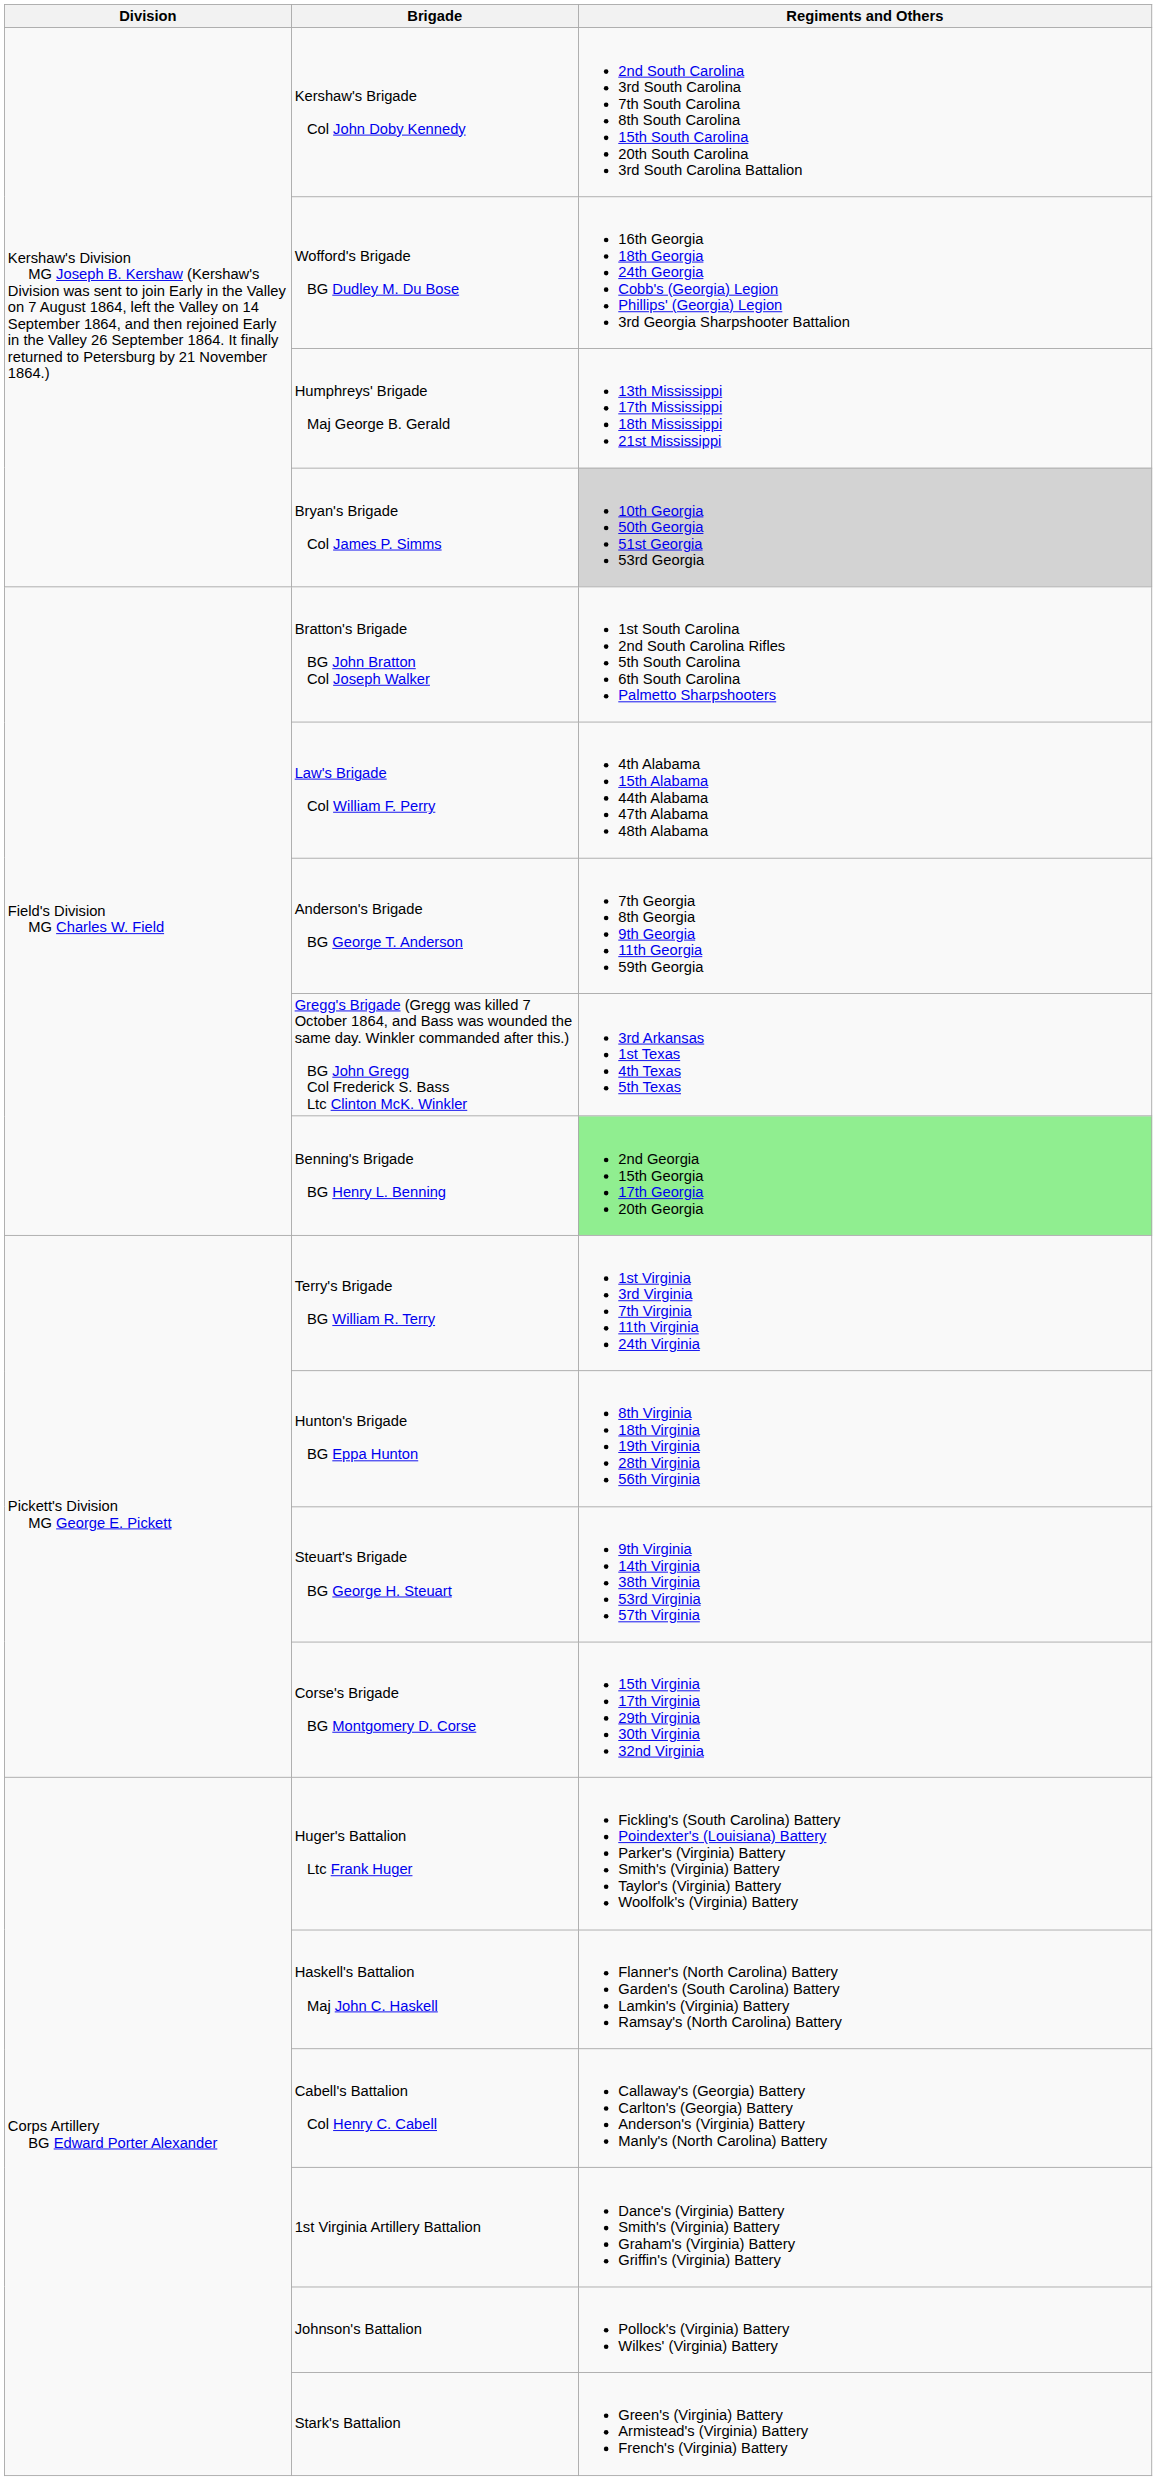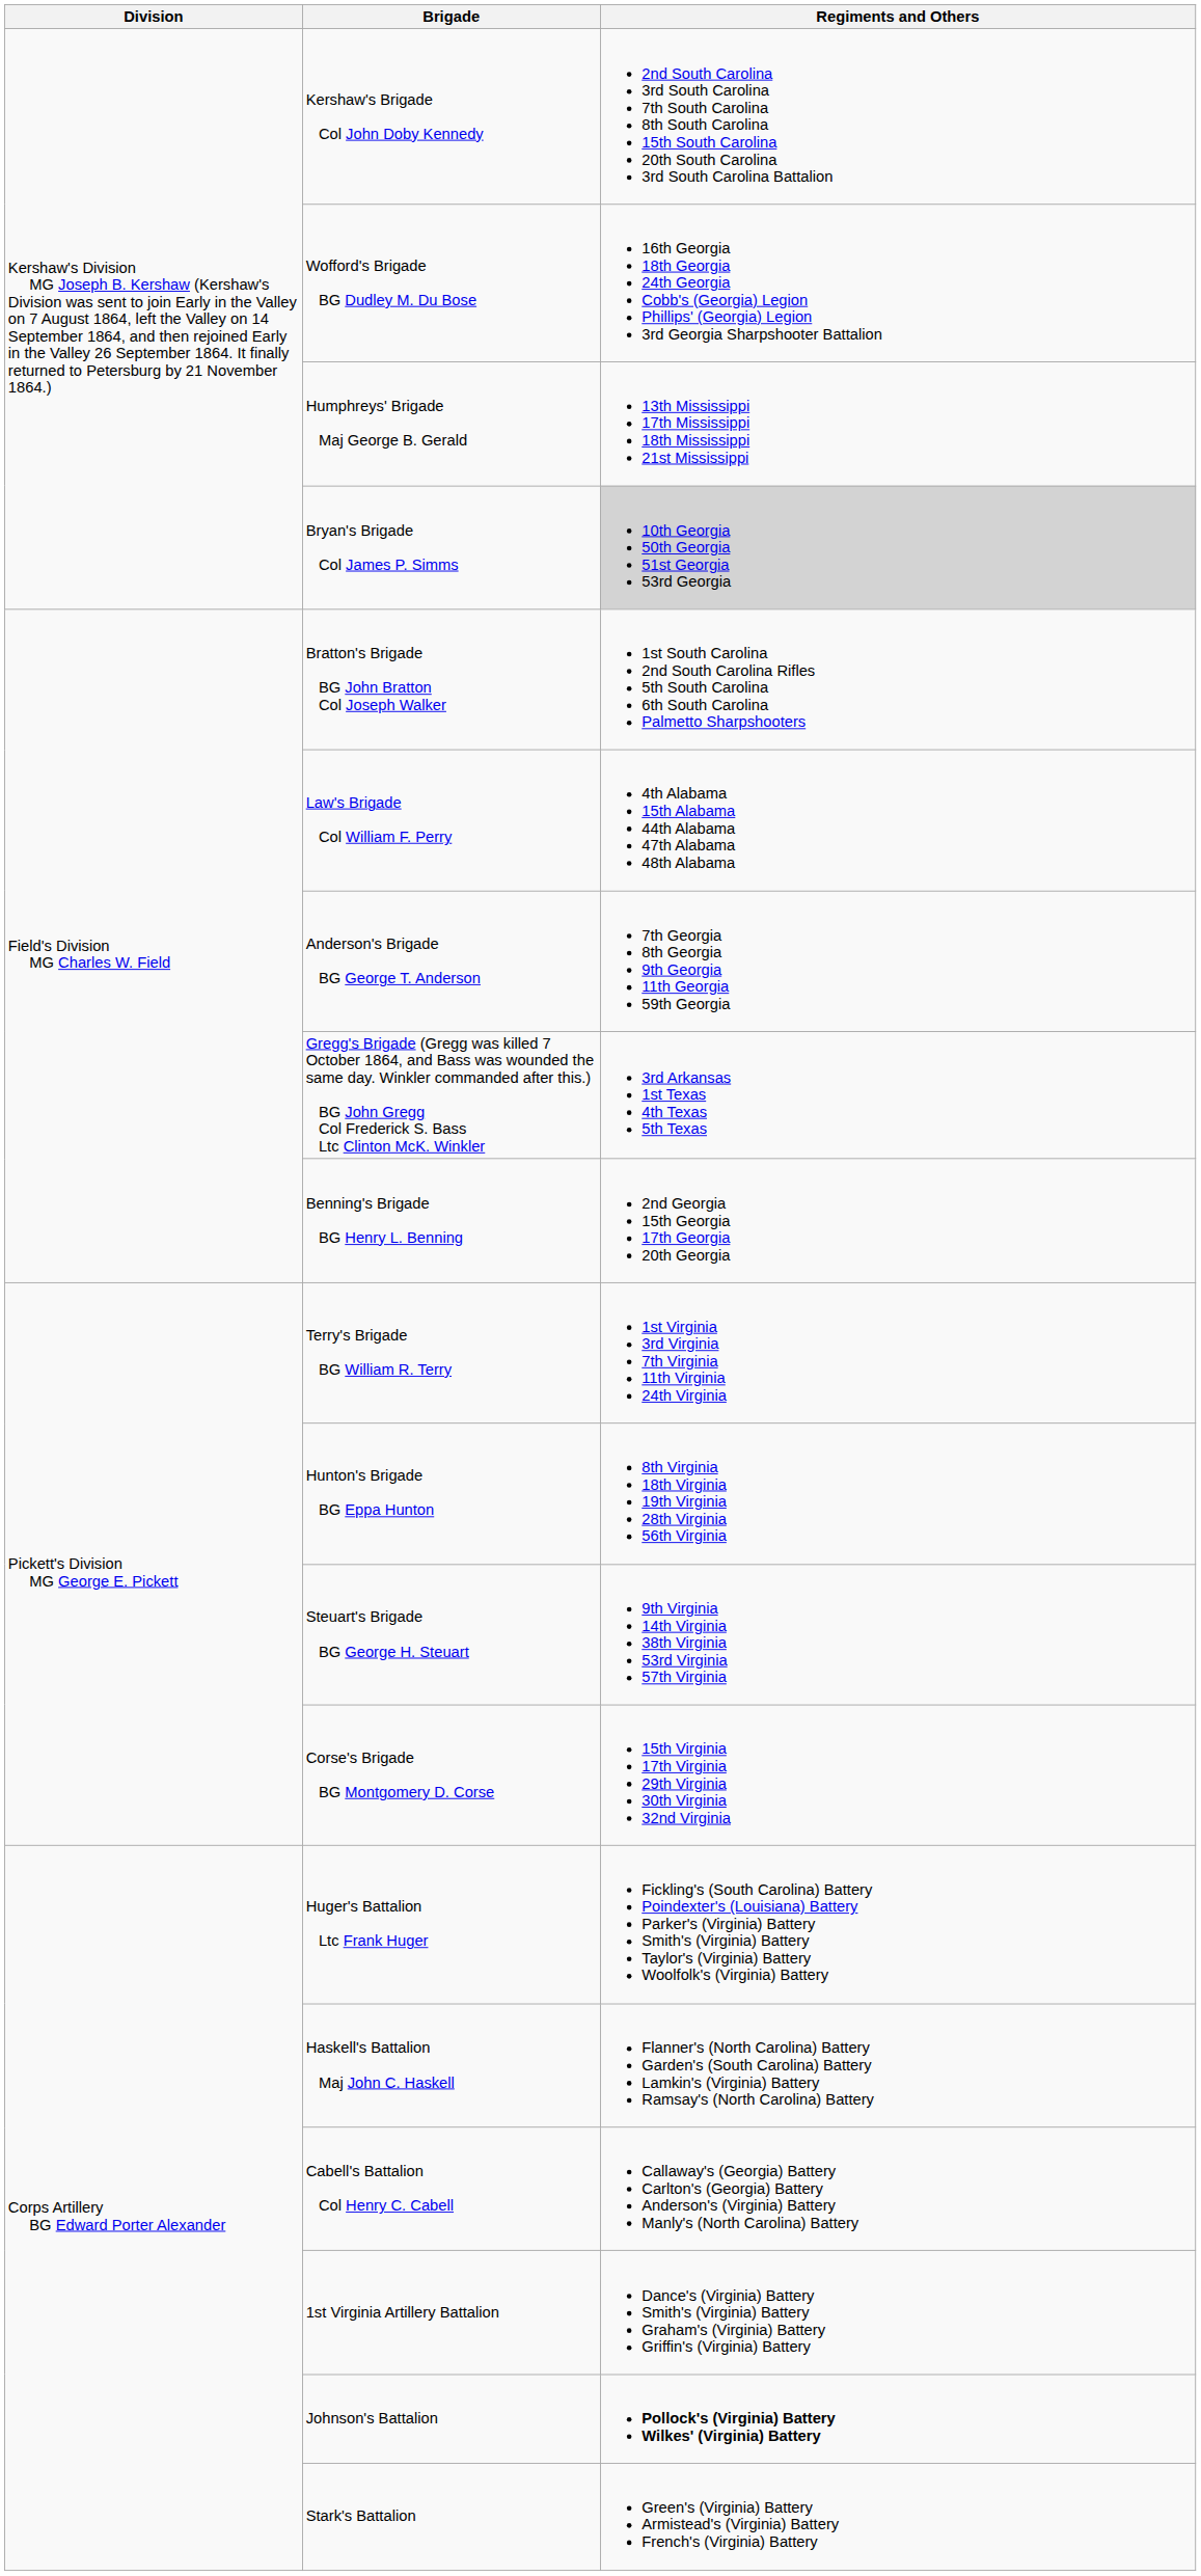 <table class="wikitable">
 <tr>
 <th width=25%>Division</th>
 <th width=25%>Brigade</th>
 <th>Regiments and Others</th>
 </tr>
 <tr>
 <td rowspan=4><br>Kershaw's Division <br>     MG <a href='#'>Joseph B. Kershaw</a> (Kershaw's Division was sent to join Early in the Valley on 7 August 1864, left the Valley on 14 September 1864, and then rejoined Early in the Valley 26 September 1864. It finally returned to Petersburg by 21 November 1864.)</td>
 <td>Kershaw's Brigade<br><br>   Col <a href='#'>John Doby Kennedy</a></td>
 <td><br><ul><li><a href='#'>2nd South Carolina</a></li><li>3rd South Carolina</li><li>7th South Carolina</li><li>8th South Carolina</li><li><a href='#'>15th South Carolina</a></li><li>20th South Carolina</li><li>3rd South Carolina Battalion</li></ul></td>
 </tr>
 <tr>
 <td>Wofford's Brigade<br><br>   BG <a href='#'>Dudley M. Du Bose</a></td>
 <td><br><ul><li>16th Georgia</li><li><a href='#'>18th Georgia</a></li><li><a href='#'>24th Georgia</a></li><li><a href='#'>Cobb's (Georgia) Legion</a></li><li><a href='#'>Phillips' (Georgia) Legion</a></li><li>3rd Georgia Sharpshooter Battalion</li></ul></td>
 </tr>
 <tr>
 <td>Humphreys' Brigade<br><br>   Maj George B. Gerald</td>
 <td><br><ul><li><a href='#'>13th Mississippi</a></li><li><a href='#'>17th Mississippi</a></li><li><a href='#'>18th Mississippi</a></li><li><a href='#'>21st Mississippi</a></li></ul></td>
 </tr>
 <tr>
 <td>Bryan's Brigade<br><br>   Col <a href='#'>James P. Simms</a></td>
 <td style="background: lightgrey;"><br><ul><li><a href='#'>10th Georgia</a></li><li><a href='#'>50th Georgia</a></li><li><a href='#'>51st Georgia</a></li><li>53rd Georgia</li></ul></td>
 </tr>
 <tr>
 <td rowspan=5><br>Field's Division <br>     MG <a href='#'>Charles W. Field</a></td>
 <td>Bratton's Brigade<br><br>   BG <a href='#'>John Bratton</a> <br>   Col <a href='#'>Joseph Walker</a></td>
 <td><br><ul><li>1st South Carolina</li><li>2nd South Carolina Rifles</li><li>5th South Carolina</li><li>6th South Carolina</li><li><a href='#'>Palmetto Sharpshooters</a></li></ul></td>
 </tr>
 <tr>
 <td><a href='#'>Law's Brigade</a><br><br>   Col <a href='#'>William F. Perry</a></td>
 <td><br><ul><li>4th Alabama</li><li><a href='#'>15th Alabama</a></li><li>44th Alabama</li><li>47th Alabama</li><li>48th Alabama</li></ul></td>
 </tr>
 <tr>
 <td>Anderson's Brigade<br><br>   BG <a href='#'>George T. Anderson</a></td>
 <td><br><ul><li>7th Georgia</li><li>8th Georgia</li><li><a href='#'>9th Georgia</a></li><li><a href='#'>11th Georgia</a></li><li>59th Georgia</li></ul></td>
 </tr>
 <tr>
 <td><a href='#'>Gregg's Brigade</a> (Gregg was killed 7 October 1864, and Bass was wounded the same day. Winkler commanded after this.)<br><br>   BG <a href='#'>John Gregg</a> <br>   Col Frederick S. Bass <br>   Ltc <a href='#'>Clinton McK. Winkler</a></td>
 <td><br><ul><li><a href='#'>3rd Arkansas</a></li><li><a href='#'>1st Texas</a></li><li><a href='#'>4th Texas</a></li><li><a href='#'>5th Texas</a></li></ul></td>
 </tr>
 <tr>
 <td>Benning's Brigade<br><br>   BG <a href='#'>Henry L. Benning</a></td>
-<td style="background: lightgreen;"><br><ul><li>2nd Georgia</li><li>15th Georgia</li><li><a href='#'>17th Georgia</a></li><li>20th Georgia</li></ul></td>
+<td><br><ul><li>2nd Georgia</li><li>15th Georgia</li><li><a href='#'>17th Georgia</a></li><li>20th Georgia</li></ul></td>
 </tr>
 <tr>
 <td rowspan=4><br>Pickett's Division <br>     MG <a href='#'>George E. Pickett</a></td>
 <td>Terry's Brigade<br><br>   BG <a href='#'>William R. Terry</a></td>
 <td><br><ul><li><a href='#'>1st Virginia</a></li><li><a href='#'>3rd Virginia</a></li><li><a href='#'>7th Virginia</a></li><li><a href='#'>11th Virginia</a></li><li><a href='#'>24th Virginia</a></li></ul></td>
 </tr>
 <tr>
 <td>Hunton's Brigade<br><br>   BG <a href='#'>Eppa Hunton</a></td>
 <td><br><ul><li><a href='#'>8th Virginia</a></li><li><a href='#'>18th Virginia</a></li><li><a href='#'>19th Virginia</a></li><li><a href='#'>28th Virginia</a></li><li><a href='#'>56th Virginia</a></li></ul></td>
 </tr>
 <tr>
 <td>Steuart's Brigade<br><br>   BG <a href='#'>George H. Steuart</a></td>
 <td><br><ul><li><a href='#'>9th Virginia</a></li><li><a href='#'>14th Virginia</a></li><li><a href='#'>38th Virginia</a></li><li><a href='#'>53rd Virginia</a></li><li><a href='#'>57th Virginia</a></li></ul></td>
 </tr>
 <tr>
 <td>Corse's Brigade<br><br>   BG <a href='#'>Montgomery D. Corse</a></td>
 <td><br><ul><li><a href='#'>15th Virginia</a></li><li><a href='#'>17th Virginia</a></li><li><a href='#'>29th Virginia</a></li><li><a href='#'>30th Virginia</a></li><li><a href='#'>32nd Virginia</a></li></ul></td>
 </tr>
 <tr>
 <td rowspan=6><br>Corps Artillery <br>     BG <a href='#'>Edward Porter Alexander</a></td>
 <td>Huger's Battalion<br><br>   Ltc <a href='#'>Frank Huger</a></td>
 <td><br><ul><li>Fickling's (South Carolina) Battery</li><li><a href='#'>Poindexter's (Louisiana) Battery</a></li><li>Parker's (Virginia) Battery</li><li>Smith's (Virginia) Battery</li><li>Taylor's (Virginia) Battery</li><li>Woolfolk's (Virginia) Battery</li></ul></td>
 </tr>
 <tr>
 <td>Haskell's Battalion<br><br>   Maj <a href='#'>John C. Haskell</a></td>
 <td><br><ul><li>Flanner's (North Carolina) Battery</li><li>Garden's (South Carolina) Battery</li><li>Lamkin's (Virginia) Battery</li><li>Ramsay's (North Carolina) Battery</li></ul></td>
 </tr>
 <tr>
 <td>Cabell's Battalion<br><br>   Col <a href='#'>Henry C. Cabell</a></td>
 <td><br><ul><li>Callaway's (Georgia) Battery</li><li>Carlton's (Georgia) Battery</li><li>Anderson's (Virginia) Battery</li><li>Manly's (North Carolina) Battery</li></ul></td>
 </tr>
 <tr>
 <td>1st Virginia Artillery Battalion</td>
 <td><br><ul><li>Dance's (Virginia) Battery</li><li>Smith's (Virginia) Battery</li><li>Graham's (Virginia) Battery</li><li>Griffin's (Virginia) Battery</li></ul></td>
 </tr>
 <tr>
 <td>Johnson's Battalion</td>
-<td><br><ul><li>Pollock's (Virginia) Battery</li><li>Wilkes' (Virginia) Battery</li></ul></td>
+<td><strong><br><ul><li>Pollock's (Virginia) Battery</li><li>Wilkes' (Virginia) Battery</li></ul></strong></td>
 </tr>
 <tr>
 <td>Stark's Battalion</td>
 <td><br><ul><li>Green's (Virginia) Battery</li><li>Armistead's (Virginia) Battery</li><li>French's (Virginia) Battery</li></ul></td>
 </tr>
 </table>
